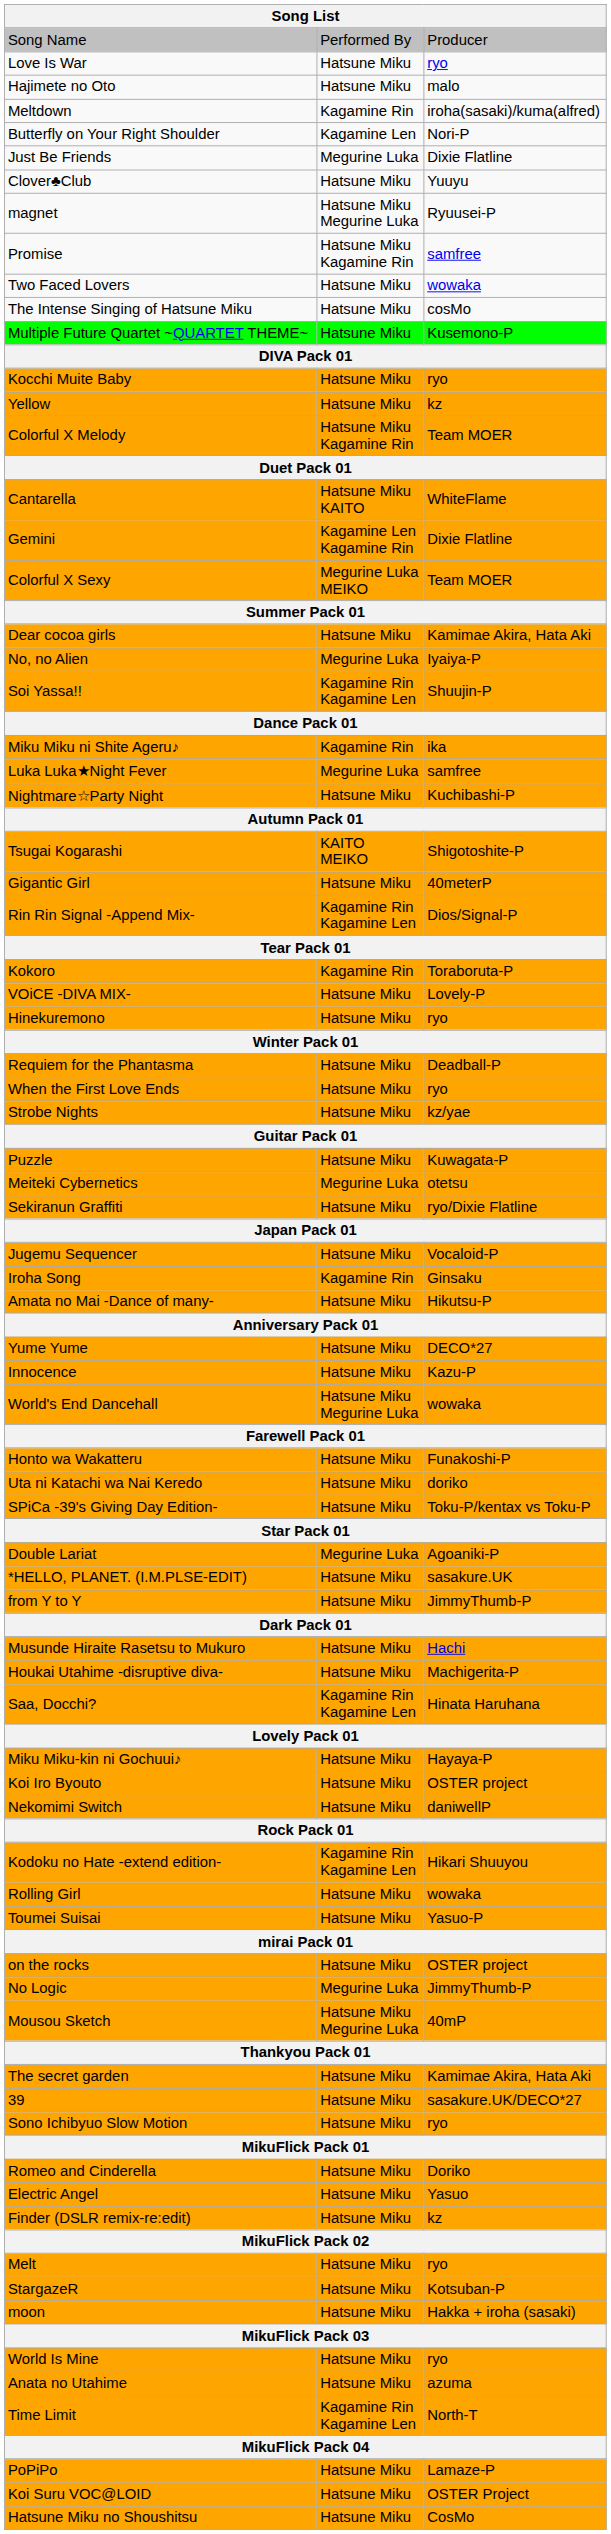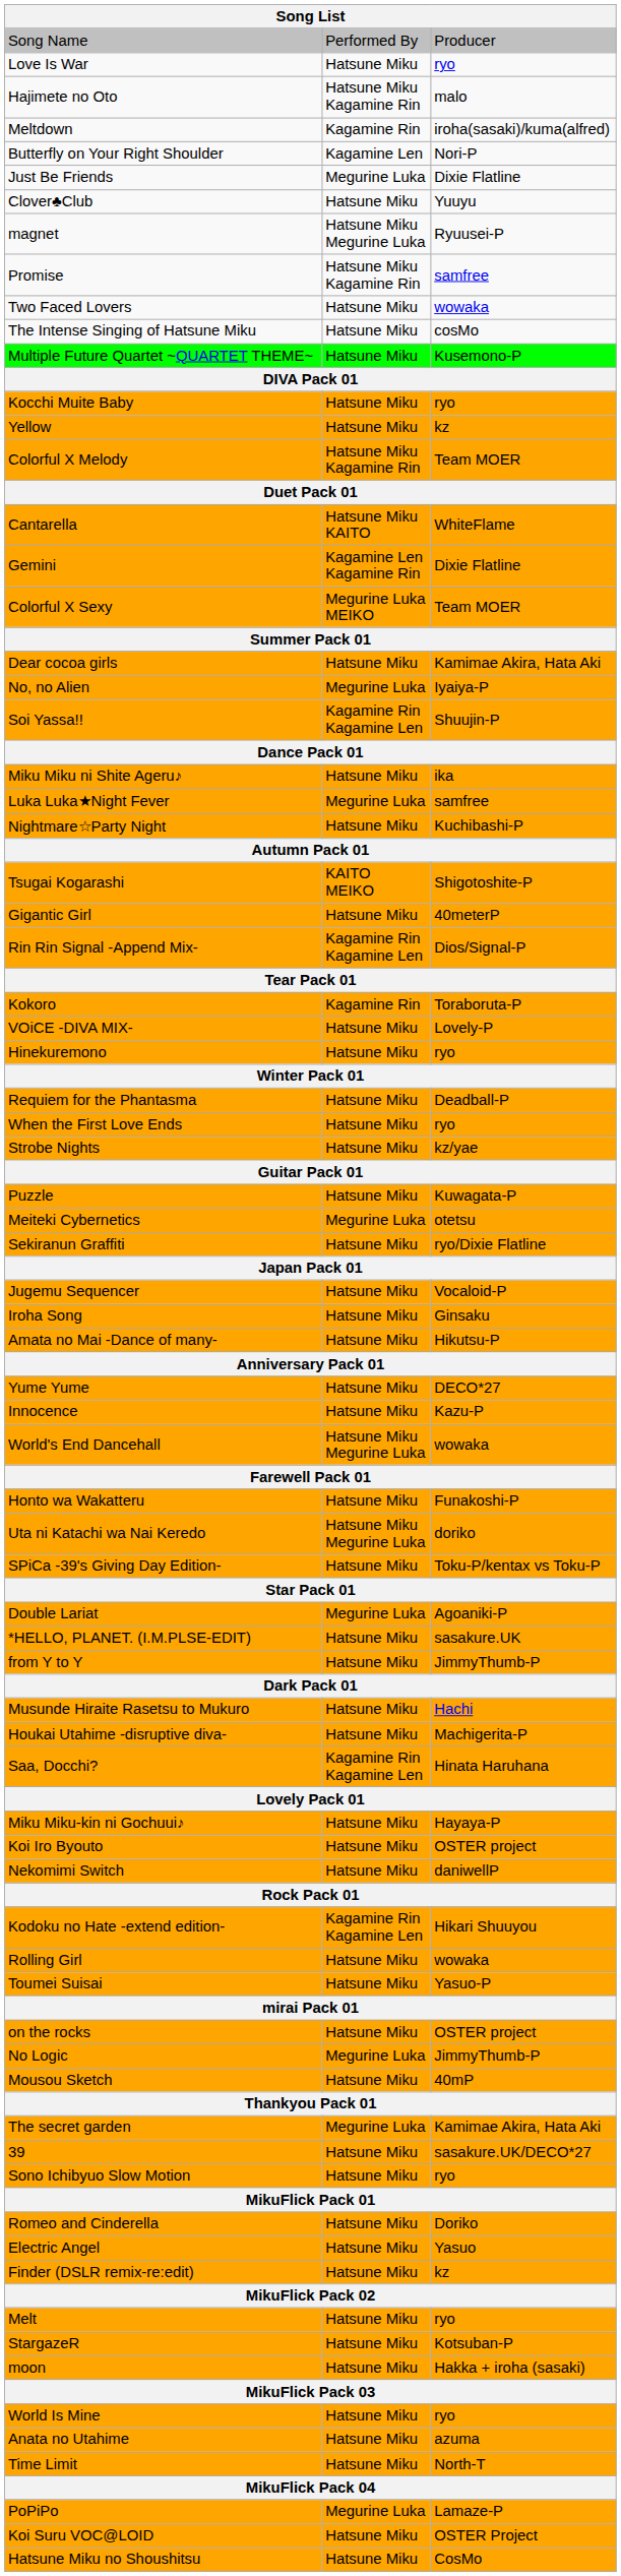 <table class="wikitable">
 <tr>
 <th colspan="9" style="width: 40em">Song List</th>
 </tr>
 <tr>
 <td style="background:silver; color:black">Song Name</td>
 <td style="background:silver; color:black">Performed By</td>
 <td style="background:silver; color:black">Producer</td>
 </tr>
 <tr>
 <td>Love Is War</td>
 <td>Hatsune Miku</td>
 <td><a href='#'>ryo</a></td>
 </tr>
 <tr>
 <td>Hajimete no Oto</td>
-<td>Hatsune Miku</td>
+<td>Hatsune Miku<br>Kagamine Rin</td>
 <td>malo</td>
 </tr>
 <tr>
 <td>Meltdown</td>
 <td>Kagamine Rin</td>
 <td>iroha(sasaki)/kuma(alfred)</td>
 </tr>
 <tr>
 <td>Butterfly on Your Right Shoulder</td>
 <td>Kagamine Len</td>
 <td>Nori-P</td>
 </tr>
 <tr>
 <td>Just Be Friends</td>
 <td>Megurine Luka</td>
 <td>Dixie Flatline</td>
 </tr>
 <tr>
 <td>Clover♣Club</td>
 <td>Hatsune Miku</td>
 <td>Yuuyu</td>
 </tr>
 <tr>
 <td>magnet</td>
 <td>Hatsune Miku<br>Megurine Luka</td>
 <td>Ryuusei-P</td>
 </tr>
 <tr>
 <td>Promise</td>
 <td>Hatsune Miku<br>Kagamine Rin</td>
 <td><a href='#'>samfree</a></td>
 </tr>
 <tr>
 <td>Two Faced Lovers</td>
 <td>Hatsune Miku</td>
 <td><a href='#'>wowaka</a></td>
 </tr>
 <tr>
 <td>The Intense Singing of Hatsune Miku</td>
 <td>Hatsune Miku</td>
 <td>cosMo</td>
 </tr>
 <tr>
 <td style="background:#0f0">Multiple Future Quartet ~<a href='#'>QUARTET</a> THEME~</td>
 <td style="background:#0f0">Hatsune Miku</td>
 <td style="background:#0f0">Kusemono-P</td>
 </tr>
 <tr>
 <th colspan="9" style="width: 40em">DIVA Pack 01</th>
 </tr>
 <tr>
 <td style="background:#FFA500">Kocchi Muite Baby</td>
 <td style="background:#FFA500">Hatsune Miku</td>
 <td style="background:#FFA500">ryo</td>
 </tr>
 <tr>
 <td style="background:#FFA500">Yellow</td>
 <td style="background:#FFA500">Hatsune Miku</td>
 <td style="background:#FFA500">kz</td>
 </tr>
 <tr>
 <td style="background:#FFA500">Colorful X Melody</td>
 <td style="background:#FFA500">Hatsune Miku<br>Kagamine Rin</td>
 <td style="background:#FFA500">Team MOER</td>
 </tr>
 <tr>
 <th colspan="9" style="width: 40em">Duet Pack 01</th>
 </tr>
 <tr>
 <td style="background:#FFA500">Cantarella</td>
 <td style="background:#FFA500">Hatsune Miku<br>KAITO</td>
 <td style="background:#FFA500">WhiteFlame</td>
 </tr>
 <tr>
 <td style="background:#FFA500">Gemini</td>
 <td style="background:#FFA500">Kagamine Len<br>Kagamine Rin</td>
 <td style="background:#FFA500">Dixie Flatline</td>
 </tr>
 <tr>
 <td style="background:#FFA500">Colorful X Sexy</td>
 <td style="background:#FFA500">Megurine Luka<br>MEIKO</td>
 <td style="background:#FFA500">Team MOER</td>
 </tr>
 <tr>
 <th colspan="9" style="width: 40em">Summer Pack 01</th>
 </tr>
 <tr>
 <td style="background:#FFA500">Dear cocoa girls</td>
 <td style="background:#FFA500">Hatsune Miku</td>
 <td style="background:#FFA500">Kamimae Akira, Hata Aki</td>
 </tr>
 <tr>
 <td style="background:#FFA500">No, no Alien</td>
 <td style="background:#FFA500">Megurine Luka</td>
 <td style="background:#FFA500">Iyaiya-P</td>
 </tr>
 <tr>
 <td style="background:#FFA500">Soi Yassa!!</td>
 <td style="background:#FFA500">Kagamine Rin<br>Kagamine Len</td>
 <td style="background:#FFA500">Shuujin-P</td>
 </tr>
 <tr>
 <th colspan="9" style="width: 40em">Dance Pack 01</th>
 </tr>
 <tr>
 <td style="background:#FFA500">Miku Miku ni Shite Ageru♪</td>
-<td style="background:#FFA500">Kagamine Rin</td>
+<td style="background:#FFA500">Hatsune Miku</td>
 <td style="background:#FFA500">ika</td>
 </tr>
 <tr>
 <td style="background:#FFA500">Luka Luka★Night Fever</td>
 <td style="background:#FFA500">Megurine Luka</td>
 <td style="background:#FFA500">samfree</td>
 </tr>
 <tr>
 <td style="background:#FFA500">Nightmare☆Party Night</td>
 <td style="background:#FFA500">Hatsune Miku</td>
 <td style="background:#FFA500">Kuchibashi-P</td>
 </tr>
 <tr>
 <th colspan="9" style="width: 40em">Autumn Pack 01</th>
 </tr>
 <tr>
 <td style="background:#FFA500">Tsugai Kogarashi</td>
 <td style="background:#FFA500">KAITO<br>MEIKO</td>
 <td style="background:#FFA500">Shigotoshite-P</td>
 </tr>
 <tr>
 <td style="background:#FFA500">Gigantic Girl</td>
 <td style="background:#FFA500">Hatsune Miku</td>
 <td style="background:#FFA500">40meterP</td>
 </tr>
 <tr>
 <td style="background:#FFA500">Rin Rin Signal -Append Mix-</td>
 <td style="background:#FFA500">Kagamine Rin<br>Kagamine Len</td>
 <td style="background:#FFA500">Dios/Signal-P</td>
 </tr>
 <tr>
 <th colspan="9" style="wodth: 40em">Tear Pack 01</th>
 </tr>
 <tr>
 <td style="background:#FFA500">Kokoro</td>
 <td style="background:#FFA500">Kagamine Rin</td>
 <td style="background:#FFA500">Toraboruta-P</td>
 </tr>
 <tr>
 <td style="background:#FFA500">VOiCE -DIVA MIX-</td>
 <td style="background:#FFA500">Hatsune Miku</td>
 <td style="background:#FFA500">Lovely-P</td>
 </tr>
 <tr>
 <td style="background:#FFA500">Hinekuremono</td>
 <td style="background:#FFA500">Hatsune Miku</td>
 <td style="background:#FFA500">ryo</td>
 </tr>
 <tr>
 <th colspan="9" style="wodth: 40em">Winter Pack 01</th>
 </tr>
 <tr>
 <td style="background:#FFA500">Requiem for the Phantasma</td>
 <td style="background:#FFA500">Hatsune Miku</td>
 <td style="background:#FFA500">Deadball-P</td>
 </tr>
 <tr>
 <td style="background:#FFA500">When the First Love Ends</td>
 <td style="background:#FFA500">Hatsune Miku</td>
 <td style="background:#FFA500">ryo</td>
 </tr>
 <tr>
 <td style="background:#FFA500">Strobe Nights</td>
 <td style="background:#FFA500">Hatsune Miku</td>
 <td style="background:#FFA500">kz/yae</td>
 </tr>
 <tr>
 <th colspan="9" style="wodth: 40em">Guitar Pack 01</th>
 </tr>
 <tr>
 <td style="background:#FFA500">Puzzle</td>
 <td style="background:#FFA500">Hatsune Miku</td>
 <td style="background:#FFA500">Kuwagata-P</td>
 </tr>
 <tr>
 <td style="background:#FFA500">Meiteki Cybernetics</td>
 <td style="background:#FFA500">Megurine Luka</td>
 <td style="background:#FFA500">otetsu</td>
 </tr>
 <tr>
 <td style="background:#FFA500">Sekiranun Graffiti</td>
 <td style="background:#FFA500">Hatsune Miku</td>
 <td style="background:#FFA500">ryo/Dixie Flatline</td>
 </tr>
 <tr>
 <th colspan="9" style="wodth: 40em">Japan Pack 01</th>
 </tr>
 <tr>
 <td style="background:#FFA500">Jugemu Sequencer</td>
 <td style="background:#FFA500">Hatsune Miku</td>
 <td style="background:#FFA500">Vocaloid-P</td>
 </tr>
 <tr>
 <td style="background:#FFA500">Iroha Song</td>
-<td style="background:#FFA500">Kagamine Rin</td>
+<td style="background:#FFA500">Hatsune Miku</td>
 <td style="background:#FFA500">Ginsaku</td>
 </tr>
 <tr>
 <td style="background:#FFA500">Amata no Mai -Dance of many-</td>
 <td style="background:#FFA500">Hatsune Miku</td>
 <td style="background:#FFA500">Hikutsu-P</td>
 </tr>
 <tr>
 <th colspan="9" style="wodth: 40em">Anniversary Pack 01</th>
 </tr>
 <tr>
 <td style="background:#FFA500">Yume Yume</td>
 <td style="background:#FFA500">Hatsune Miku</td>
 <td style="background:#FFA500">DECO*27</td>
 </tr>
 <tr>
 <td style="background:#FFA500">Innocence</td>
 <td style="background:#FFA500">Hatsune Miku</td>
 <td style="background:#FFA500">Kazu-P</td>
 </tr>
 <tr>
 <td style="background:#FFA500">World's End Dancehall</td>
 <td style="background:#FFA500">Hatsune Miku<br>Megurine Luka</td>
 <td style="background:#FFA500">wowaka</td>
 </tr>
 <tr>
 <th colspan="9" style="wodth: 40em">Farewell Pack 01</th>
 </tr>
 <tr>
 <td style="background:#FFA500">Honto wa Wakatteru</td>
 <td style="background:#FFA500">Hatsune Miku</td>
 <td style="background:#FFA500">Funakoshi-P</td>
 </tr>
 <tr>
 <td style="background:#FFA500">Uta ni Katachi wa Nai Keredo</td>
-<td style="background:#FFA500">Hatsune Miku</td>
+<td style="background:#FFA500">Hatsune Miku<br>Megurine Luka</td>
 <td style="background:#FFA500">doriko</td>
 </tr>
 <tr>
 <td style="background:#FFA500">SPiCa -39's Giving Day Edition-</td>
 <td style="background:#FFA500">Hatsune Miku</td>
 <td style="background:#FFA500">Toku-P/kentax vs Toku-P</td>
 </tr>
 <tr>
 <th colspan="9" style="wodth: 40em">Star Pack 01</th>
 </tr>
 <tr>
 <td style="background:#FFA500">Double Lariat</td>
 <td style="background:#FFA500">Megurine Luka</td>
 <td style="background:#FFA500">Agoaniki-P</td>
 </tr>
 <tr>
 <td style="background:#FFA500">*HELLO, PLANET. (I.M.PLSE-EDIT)</td>
 <td style="background:#FFA500">Hatsune Miku</td>
 <td style="background:#FFA500">sasakure.UK</td>
 </tr>
 <tr>
 <td style="background:#FFA500">from Y to Y</td>
 <td style="background:#FFA500">Hatsune Miku</td>
 <td style="background:#FFA500">JimmyThumb-P</td>
 </tr>
 <tr>
 <th colspan="9" style="wodth: 40em">Dark Pack 01</th>
 </tr>
 <tr>
 <td style="background:#FFA500">Musunde Hiraite Rasetsu to Mukuro</td>
 <td style="background:#FFA500">Hatsune Miku</td>
 <td style="background:#FFA500"><a href='#'>Hachi</a></td>
 </tr>
 <tr>
 <td style="background:#FFA500">Houkai Utahime -disruptive diva-</td>
 <td style="background:#FFA500">Hatsune Miku</td>
 <td style="background:#FFA500">Machigerita-P</td>
 </tr>
 <tr>
 <td style="background:#FFA500">Saa, Docchi?</td>
 <td style="background:#FFA500">Kagamine Rin<br>Kagamine Len</td>
 <td style="background:#FFA500">Hinata Haruhana</td>
 </tr>
 <tr>
 <th colspan="9" style="wodth: 40em">Lovely Pack 01</th>
 </tr>
 <tr>
 <td style="background:#FFA500">Miku Miku-kin ni Gochuui♪</td>
 <td style="background:#FFA500">Hatsune Miku</td>
 <td style="background:#FFA500">Hayaya-P</td>
 </tr>
 <tr>
 <td style="background:#FFA500">Koi Iro Byouto</td>
 <td style="background:#FFA500">Hatsune Miku</td>
 <td style="background:#FFA500">OSTER project</td>
 </tr>
 <tr>
 <td style="background:#FFA500">Nekomimi Switch</td>
 <td style="background:#FFA500">Hatsune Miku</td>
 <td style="background:#FFA500">daniwellP</td>
 </tr>
 <tr>
 <th colspan="9" style="wodth: 40em">Rock Pack 01</th>
 </tr>
 <tr>
 <td style="background:#FFA500">Kodoku no Hate -extend edition-</td>
 <td style="background:#FFA500">Kagamine Rin<br>Kagamine Len</td>
 <td style="background:#FFA500">Hikari Shuuyou</td>
 </tr>
 <tr>
 <td style="background:#FFA500">Rolling Girl</td>
 <td style="background:#FFA500">Hatsune Miku</td>
 <td style="background:#FFA500">wowaka</td>
 </tr>
 <tr>
 <td style="background:#FFA500">Toumei Suisai</td>
 <td style="background:#FFA500">Hatsune Miku</td>
 <td style="background:#FFA500">Yasuo-P</td>
 </tr>
 <tr>
 <th colspan="9" style="wodth: 40em">mirai Pack 01</th>
 </tr>
 <tr>
 <td style="background:#FFA500">on the rocks</td>
 <td style="background:#FFA500">Hatsune Miku</td>
 <td style="background:#FFA500">OSTER project</td>
 </tr>
 <tr>
 <td style="background:#FFA500">No Logic</td>
 <td style="background:#FFA500">Megurine Luka</td>
 <td style="background:#FFA500">JimmyThumb-P</td>
 </tr>
 <tr>
 <td style="background:#FFA500">Mousou Sketch</td>
-<td style="background:#FFA500">Hatsune Miku<br>Megurine Luka</td>
+<td style="background:#FFA500">Hatsune Miku</td>
 <td style="background:#FFA500">40mP</td>
 </tr>
 <tr>
 <th colspan="9" style="wodth: 40em">Thankyou Pack 01</th>
 </tr>
 <tr>
 <td style="background:#FFA500">The secret garden</td>
-<td style="background:#FFA500">Hatsune Miku</td>
+<td style="background:#FFA500">Megurine Luka</td>
 <td style="background:#FFA500">Kamimae Akira, Hata Aki</td>
 </tr>
 <tr>
 <td style="background:#FFA500">39</td>
 <td style="background:#FFA500">Hatsune Miku</td>
 <td style="background:#FFA500">sasakure.UK/DECO*27</td>
 </tr>
 <tr>
 <td style="background:#FFA500">Sono Ichibyuo Slow Motion</td>
 <td style="background:#FFA500">Hatsune Miku</td>
 <td style="background:#FFA500">ryo</td>
 </tr>
 <tr>
 <th colspan="9" style="wodth: 40em">MikuFlick Pack 01</th>
 </tr>
 <tr>
 <td style="background:#FFA500">Romeo and Cinderella</td>
 <td style="background:#FFA500">Hatsune Miku</td>
 <td style="background:#FFA500">Doriko</td>
 </tr>
 <tr>
 <td style="background:#FFA500">Electric Angel</td>
 <td style="background:#FFA500">Hatsune Miku</td>
 <td style="background:#FFA500">Yasuo</td>
 </tr>
 <tr>
 <td style="background:#FFA500">Finder (DSLR remix-re:edit)</td>
 <td style="background:#FFA500">Hatsune Miku</td>
 <td style="background:#FFA500">kz</td>
 </tr>
 <tr>
 <th colspan="9" style="wodth: 40em">MikuFlick Pack 02</th>
 </tr>
 <tr>
 <td style="background:#FFA500">Melt</td>
 <td style="background:#FFA500">Hatsune Miku</td>
 <td style="background:#FFA500">ryo</td>
 </tr>
 <tr>
 <td style="background:#FFA500">StargazeR</td>
 <td style="background:#FFA500">Hatsune Miku</td>
 <td style="background:#FFA500">Kotsuban-P</td>
 </tr>
 <tr>
 <td style="background:#FFA500">moon</td>
 <td style="background:#FFA500">Hatsune Miku</td>
 <td style="background:#FFA500">Hakka + iroha (sasaki)</td>
 </tr>
 <tr>
 <th colspan="9" style="wodth: 40em">MikuFlick Pack 03</th>
 </tr>
 <tr>
 <td style="background:#FFA500">World Is Mine</td>
 <td style="background:#FFA500">Hatsune Miku</td>
 <td style="background:#FFA500">ryo</td>
 </tr>
 <tr>
 <td style="background:#FFA500">Anata no Utahime</td>
 <td style="background:#FFA500">Hatsune Miku</td>
 <td style="background:#FFA500">azuma</td>
 </tr>
 <tr>
 <td style="background:#FFA500">Time Limit</td>
-<td style="background:#FFA500">Kagamine Rin<br>Kagamine Len</td>
+<td style="background:#FFA500">Hatsune Miku</td>
 <td style="background:#FFA500">North-T</td>
 </tr>
 <tr>
 <th colspan="9" style="wodth: 40em">MikuFlick Pack 04</th>
 </tr>
 <tr>
 <td style="background:#FFA500">PoPiPo</td>
-<td style="background:#FFA500">Hatsune Miku</td>
+<td style="background:#FFA500">Megurine Luka</td>
 <td style="background:#FFA500">Lamaze-P</td>
 </tr>
 <tr>
 <td style="background:#FFA500">Koi Suru VOC@LOID</td>
 <td style="background:#FFA500">Hatsune Miku</td>
 <td style="background:#FFA500">OSTER Project</td>
 </tr>
 <tr>
 <td style="background:#FFA500">Hatsune Miku no Shoushitsu</td>
 <td style="background:#FFA500">Hatsune Miku</td>
 <td style="background:#FFA500">CosMo</td>
 </tr>
 </table>
